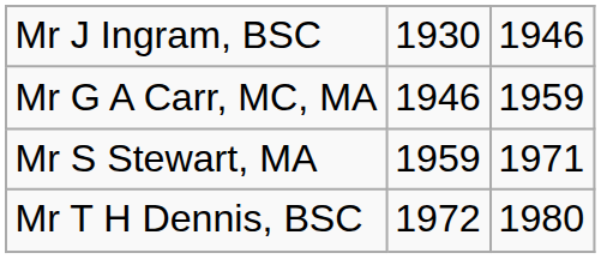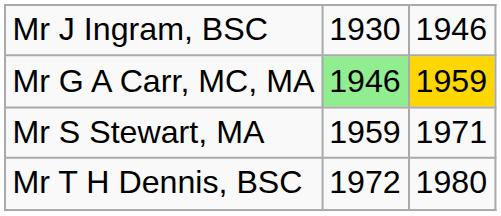 <table class="wikitable">
 <tr>
 <td>Mr J Ingram, BSC</td>
 <td>1930</td>
 <td>1946</td>
 </tr>
 <tr>
 <td>Mr G A Carr, MC, MA</td>
-<td>1946</td>
-<td>1959</td>
+<td style="background: lightgreen;">1946</td>
+<td style="background: gold;">1959</td>
 </tr>
 <tr>
 <td>Mr S Stewart,  MA</td>
 <td>1959</td>
 <td>1971</td>
 </tr>
 <tr>
 <td>Mr T H Dennis, BSC</td>
 <td>1972</td>
 <td>1980</td>
 </tr>
 </table>
